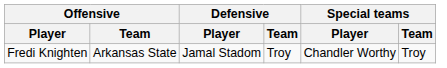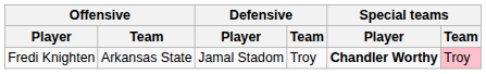 <table class="wikitable">
 <tr>
 <th colspan="2">Offensive</th>
 <th colspan="2">Defensive</th>
 <th colspan="2">Special teams</th>
 </tr>
 <tr>
 <th>Player</th>
 <th>Team</th>
 <th>Player</th>
 <th>Team</th>
 <th>Player</th>
 <th>Team</th>
 </tr>
 <tr>
 <td>Fredi Knighten</td>
 <td>Arkansas State</td>
 <td>Jamal Stadom</td>
 <td>Troy</td>
-<td>Chandler Worthy</td>
-<td>Troy</td>
+<td><strong>Chandler Worthy</strong></td>
+<td style="background: pink;">Troy</td>
 </tr>
 </table>
